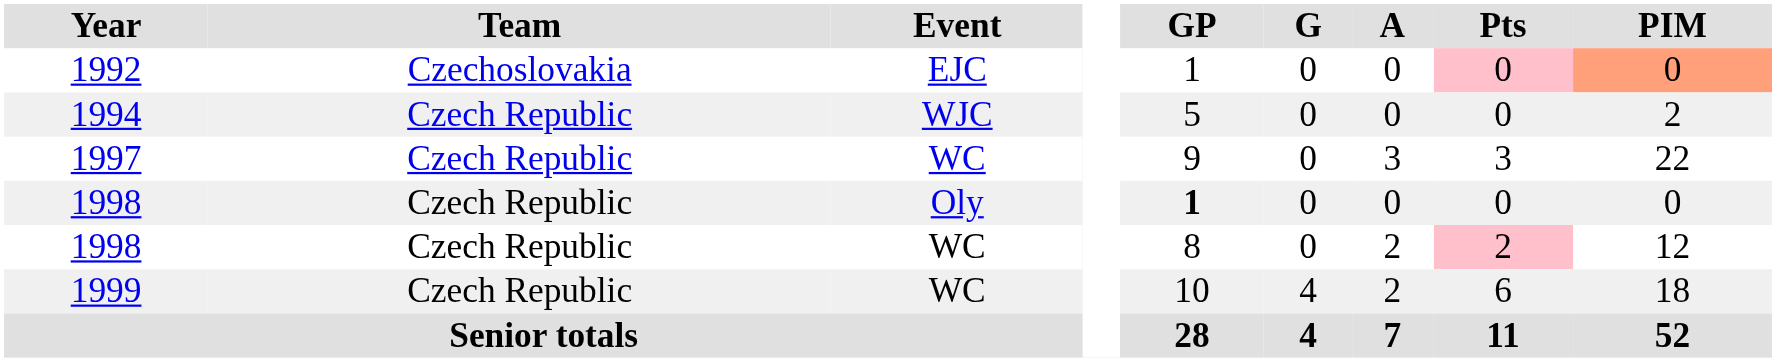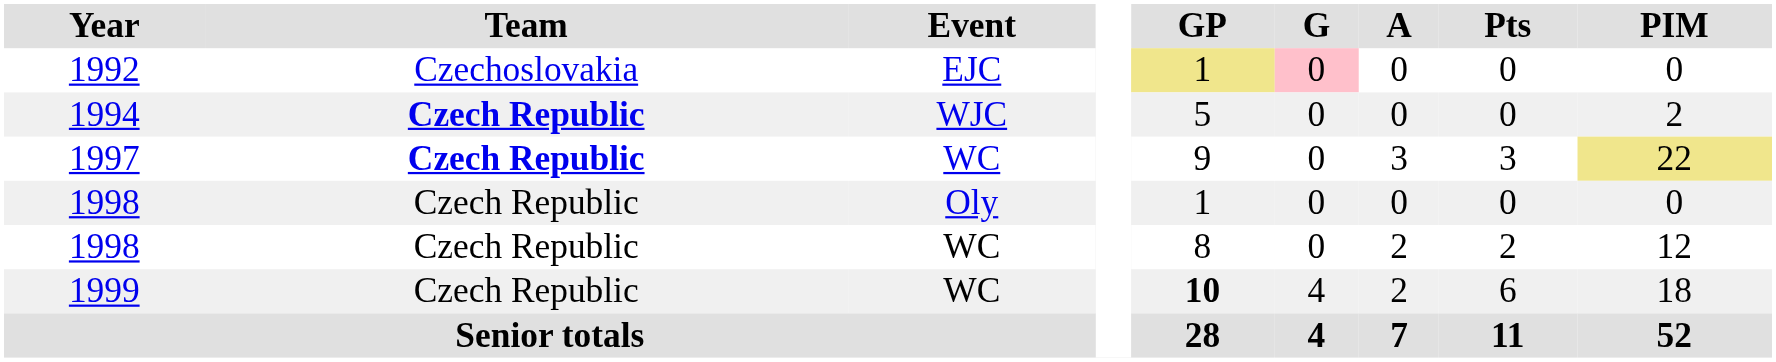 <table border="0" cellpadding="1" cellspacing="0" style="text-align:center; width:50em">
 <tr align="center" bgcolor="#e0e0e0">
 <th>Year</th>
 <th>Team</th>
 <th>Event</th>
 <th rowspan="99" bgcolor="#ffffff"> </th>
 <th>GP</th>
 <th>G</th>
 <th>A</th>
 <th>Pts</th>
 <th>PIM</th>
 </tr>
 <tr>
 <td><a href='#'>1992</a></td>
 <td><a href='#'>Czechoslovakia</a></td>
 <td><a href='#'>EJC</a></td>
-<td>1</td>
+<td style="background: khaki;">1</td>
+<td style="background: pink;">0</td>
 <td>0</td>
 <td>0</td>
-<td style="background: pink;">0</td>
-<td style="background: lightsalmon;">0</td>
+<td>0</td>
 </tr>
 <tr bgcolor="#f0f0f0">
 <td><a href='#'>1994</a></td>
-<td><a href='#'>Czech Republic</a></td>
+<td><strong><a href='#'>Czech Republic</a></strong></td>
 <td><a href='#'>WJC</a></td>
 <td>5</td>
 <td>0</td>
 <td>0</td>
 <td>0</td>
 <td>2</td>
 </tr>
 <tr>
 <td><a href='#'>1997</a></td>
-<td><a href='#'>Czech Republic</a></td>
+<td><strong><a href='#'>Czech Republic</a></strong></td>
 <td><a href='#'>WC</a></td>
 <td>9</td>
 <td>0</td>
 <td>3</td>
 <td>3</td>
-<td>22</td>
+<td style="background: khaki;">22</td>
 </tr>
 <tr>
 </tr>
 <tr bgcolor="#f0f0f0">
 <td><a href='#'>1998</a></td>
 <td>Czech Republic</td>
 <td><a href='#'>Oly</a></td>
-<td><strong>1</strong></td>
+<td>1</td>
 <td>0</td>
 <td>0</td>
 <td>0</td>
 <td>0</td>
 </tr>
 <tr>
 <td><a href='#'>1998</a></td>
 <td>Czech Republic</td>
 <td>WC</td>
 <td>8</td>
 <td>0</td>
 <td>2</td>
-<td style="background: pink;">2</td>
+<td>2</td>
 <td>12</td>
 </tr>
 <tr bgcolor="#f0f0f0">
 <td><a href='#'>1999</a></td>
 <td>Czech Republic</td>
 <td>WC</td>
-<td>10</td>
+<td><strong>10</strong></td>
 <td>4</td>
 <td>2</td>
 <td>6</td>
 <td>18</td>
 </tr>
 <tr bgcolor="#e0e0e0">
 <th colspan=3>Senior totals</th>
 <th>28</th>
 <th>4</th>
 <th>7</th>
 <th>11</th>
 <th>52</th>
 </tr>
 </table>
